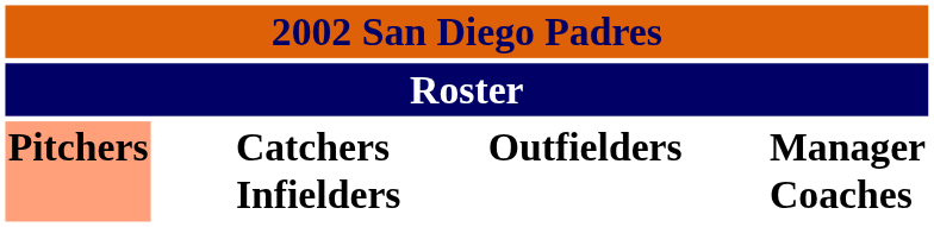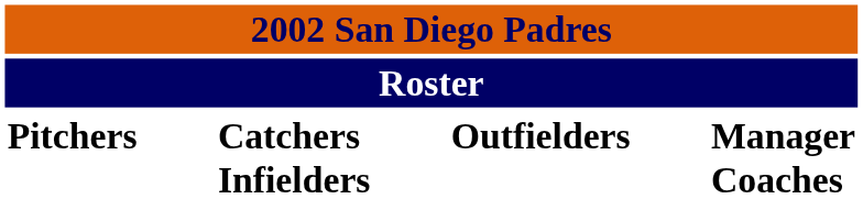 <table class="toccolours" style="font-size: 95%;">
 <tr>
 <th colspan="10" style="background-color: #de6108;; color: #000066; text-align: center;">2002 San Diego Padres</th>
 </tr>
 <tr>
 <td colspan="10" style="background-color: #000066; color: #FFFFFF; text-align: center;"><strong>Roster</strong></td>
 </tr>
 <tr>
-<td valign="top" style="background: lightsalmon;"><strong>Pitchers</strong><br>                                   </td>
+<td valign="top"><strong>Pitchers</strong><br>                                   </td>
 <td width="25px"></td>
 <td valign="top"><strong>Catchers</strong><br>    <strong>Infielders</strong>           </td>
 <td width="25px"></td>
 <td valign="top"><strong>Outfielders</strong><br>       </td>
 <td width="25px"></td>
 <td valign="top"><strong>Manager</strong><br> <strong>Coaches</strong>      </td>
 </tr>
 </table>
